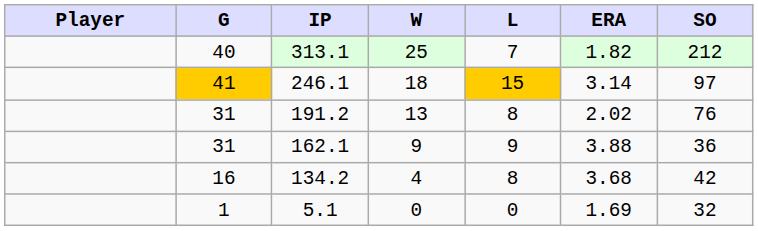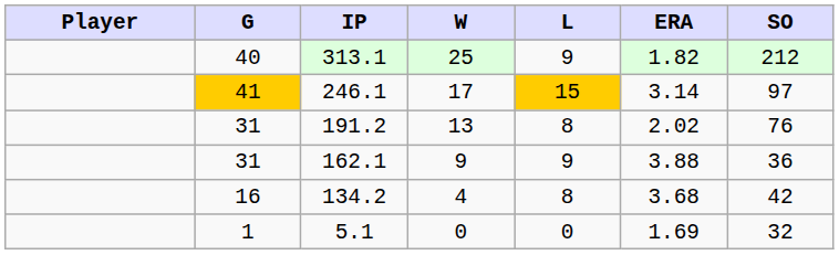 <table class="wikitable sortable">
 <tr>
 <th style="background:#ddf; width:16%;">Player</th>
 <th style="background:#ddf; width:9%;">G</th>
 <th style="background:#ddf; width:9%;">IP</th>
 <th style="background:#ddf; width:9%;">W</th>
 <th style="background:#ddf; width:9%;">L</th>
 <th style="background:#ddf; width:9%;">ERA</th>
 <th style="background:#ddf; width:9%;">SO</th>
 </tr>
 <tr style="text-align:center;">
 <td></td>
 <td>40</td>
 <td style="background:#DDFFDD;">313.1</td>
 <td style="background:#DDFFDD;">25</td>
-<td>7</td>
+<td>9</td>
 <td style="background:#DDFFDD;">1.82</td>
 <td style="background:#DDFFDD;">212</td>
 </tr>
 <tr style="text-align:center;">
 <td></td>
 <td style="background:#fc0;">41</td>
 <td>246.1</td>
-<td>18</td>
+<td>17</td>
 <td style="background:#fc0;">15</td>
 <td>3.14</td>
 <td>97</td>
 </tr>
 <tr style="text-align:center;">
 <td></td>
 <td>31</td>
 <td>191.2</td>
 <td>13</td>
 <td>8</td>
 <td>2.02</td>
 <td>76</td>
 </tr>
 <tr style="text-align:center;">
 <td></td>
 <td>31</td>
 <td>162.1</td>
 <td>9</td>
 <td>9</td>
 <td>3.88</td>
 <td>36</td>
 </tr>
 <tr style="text-align:center;">
 <td></td>
 <td>16</td>
 <td>134.2</td>
 <td>4</td>
 <td>8</td>
 <td>3.68</td>
 <td>42</td>
 </tr>
 <tr style="text-align:center;">
 <td></td>
 <td>1</td>
 <td>5.1</td>
 <td>0</td>
 <td>0</td>
 <td>1.69</td>
 <td>32</td>
 </tr>
 </table>
